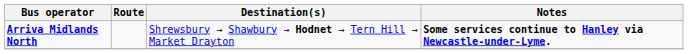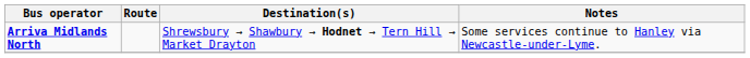 <table class="wikitable">
 <tr>
 <th>Bus operator</th>
 <th>Route</th>
 <th>Destination(s)</th>
 <th>Notes</th>
 </tr>
 <tr>
 <td><strong><a href='#'>Arriva Midlands North</a></strong></td>
 <td><strong></strong></td>
 <td><a href='#'>Shrewsbury</a> → <a href='#'>Shawbury</a> → <strong>Hodnet</strong> → <a href='#'>Tern Hill</a> → <a href='#'>Market Drayton</a></td>
-<td><strong>Some services continue to <a href='#'>Hanley</a> via <a href='#'>Newcastle-under-Lyme</a>.</strong></td>
+<td>Some services continue to <a href='#'>Hanley</a> via <a href='#'>Newcastle-under-Lyme</a>.</td>
 </tr>
 <tr>
 </tr>
 </table>
